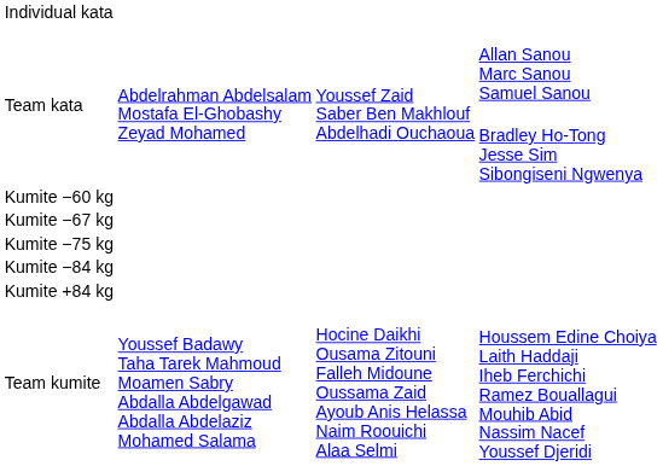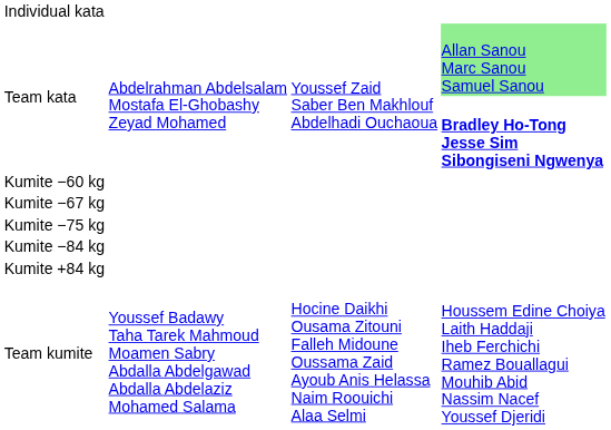 <table>
 <tr>
 <td rowspan=2>Individual kata</td>
 <td rowspan=2></td>
 <td rowspan=2></td>
 <td></td>
 </tr>
 <tr>
 <td></td>
 </tr>
 <tr>
 <td rowspan=2>Team kata</td>
 <td rowspan=2><br><a href='#'>Abdelrahman Abdelsalam</a><br><a href='#'>Mostafa El-Ghobashy</a><br><a href='#'>Zeyad Mohamed</a></td>
 <td rowspan=2><br><a href='#'>Youssef Zaid</a><br><a href='#'>Saber Ben Makhlouf</a><br><a href='#'>Abdelhadi Ouchaoua</a></td>
-<td><br><a href='#'>Allan Sanou</a><br><a href='#'>Marc Sanou</a><br><a href='#'>Samuel Sanou</a></td>
+<td style="background: lightgreen;"><br><a href='#'>Allan Sanou</a><br><a href='#'>Marc Sanou</a><br><a href='#'>Samuel Sanou</a></td>
 </tr>
 <tr>
-<td><br><a href='#'>Bradley Ho-Tong</a><br><a href='#'>Jesse Sim</a><br><a href='#'>Sibongiseni Ngwenya</a></td>
+<td><strong><br><a href='#'>Bradley Ho-Tong</a><br><a href='#'>Jesse Sim</a><br><a href='#'>Sibongiseni Ngwenya</a></strong></td>
 </tr>
 <tr>
 <td rowspan=2>Kumite −60 kg</td>
 <td rowspan=2></td>
 <td rowspan=2></td>
 <td></td>
 </tr>
 <tr>
 <td></td>
 </tr>
 <tr>
 <td rowspan=2>Kumite −67 kg</td>
 <td rowspan=2></td>
 <td rowspan=2></td>
 <td></td>
 </tr>
 <tr>
 <td></td>
 </tr>
 <tr>
 <td rowspan=2>Kumite −75 kg</td>
 <td rowspan=2></td>
 <td rowspan=2></td>
 <td></td>
 </tr>
 <tr>
 <td></td>
 </tr>
 <tr>
 <td rowspan=2>Kumite −84 kg</td>
 <td rowspan=2></td>
 <td rowspan=2></td>
 <td></td>
 </tr>
 <tr>
 <td></td>
 </tr>
 <tr>
 <td rowspan=2>Kumite +84 kg</td>
 <td rowspan=2></td>
 <td rowspan=2></td>
 <td></td>
 </tr>
 <tr>
 <td></td>
 </tr>
 <tr>
 <td rowspan=2>Team kumite</td>
 <td rowspan=2><br><a href='#'>Youssef Badawy</a><br><a href='#'>Taha Tarek Mahmoud</a><br><a href='#'>Moamen Sabry</a><br><a href='#'>Abdalla Abdelgawad</a><br><a href='#'>Abdalla Abdelaziz</a><br><a href='#'>Mohamed Salama</a></td>
 <td rowspan=2><br><a href='#'>Hocine Daikhi</a><br><a href='#'>Ousama Zitouni</a><br><a href='#'>Falleh Midoune</a><br><a href='#'>Oussama Zaid</a><br><a href='#'>Ayoub Anis Helassa</a><br><a href='#'>Naim Roouichi</a><br><a href='#'>Alaa Selmi</a></td>
 <td></td>
 </tr>
 <tr>
 <td><br><a href='#'>Houssem Edine Choiya</a><br><a href='#'>Laith Haddaji</a><br><a href='#'>Iheb Ferchichi</a><br><a href='#'>Ramez Bouallagui</a><br><a href='#'>Mouhib Abid</a><br><a href='#'>Nassim Nacef</a><br><a href='#'>Youssef Djeridi</a></td>
 </tr>
 </table>
